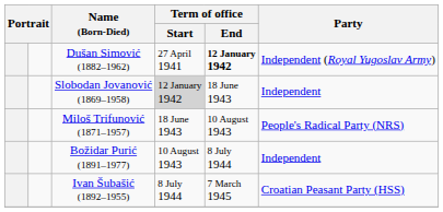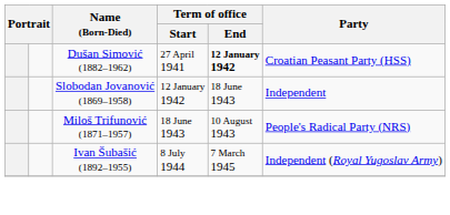 <table class="wikitable" style="text-align:left">
 <tr>
 <th rowspan=2 colspan="2">Portrait</th>
 <th rowspan="2">Name<br><small>(Born-Died)</small></th>
 <th colspan=2>Term of office</th>
 <th rowspan="2">Party</th>
 </tr>
 <tr>
 <th>Start</th>
 <th>End</th>
 </tr>
 <tr>
 <th style="background: "></th>
 <td></td>
 <td align="center"><a href='#'>Dušan Simović</a><br><small>(1882–1962)</small></td>
 <td><small>27 April</small><br>1941</td>
 <td><strong><small>12 January</small><br>1942</strong></td>
-<td><a href='#'>Independent</a> (<em><a href='#'>Royal Yugoslav Army</a></em>)</td>
+<td><a href='#'>Croatian Peasant Party (HSS)</a></td>
 </tr>
 <tr>
 <th style="background: "></th>
 <td></td>
 <td align="center"><a href='#'>Slobodan Jovanović</a><br><small>(1869–1958)</small></td>
-<td style="background: lightgrey;"><small>12 January</small><br>1942</td>
+<td><small>12 January</small><br>1942</td>
 <td><small>18 June</small><br>1943</td>
 <td><a href='#'>Independent</a></td>
 </tr>
 <tr>
 <th style="background: "></th>
 <td></td>
 <td align="center"><a href='#'>Miloš Trifunović</a><br><small>(1871–1957)</small></td>
 <td><small>18 June</small><br>1943</td>
 <td><small>10 August</small><br>1943</td>
 <td><a href='#'>People's Radical Party (NRS)</a></td>
 </tr>
 <tr>
 <th style="background: "></th>
 <td></td>
-<td align="center"><a href='#'>Božidar Purić</a><br><small>(1891–1977)</small></td>
-<td><small>10 August</small><br>1943</td>
-<td><small>8 July</small><br>1944</td>
-<td><a href='#'>Independent</a></td>
-</tr>
-<tr>
-<th style="background: "></th>
-<td></td>
 <td align="center"><a href='#'>Ivan Šubašić</a><br><small>(1892–1955)</small></td>
 <td><small>8 July</small><br>1944</td>
 <td><small>7 March</small><br>1945</td>
-<td><a href='#'>Croatian Peasant Party (HSS)</a></td>
+<td><a href='#'>Independent</a> (<em><a href='#'>Royal Yugoslav Army</a></em>)</td>
 </tr>
 <tr>
 </tr>
 </table>
